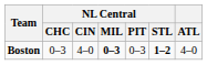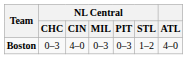 <table class="wikitable" style="text-align:center; font-size: 95%;">
 <tr>
 <th rowspan=2>Team</th>
 <th colspan=5>NL Central</th>
 <th> </th>
 </tr>
 <tr>
 <th><strong>CHC</strong></th>
 <th><strong>CIN</strong></th>
 <th><strong>MIL</strong></th>
 <th><strong>PIT</strong></th>
 <th><strong>STL</strong></th>
 <th><strong>ATL</strong></th>
 </tr>
 <tr>
 <td><strong>Boston</strong></td>
 <td>0–3</td>
 <td>4–0</td>
-<td><strong>0–3</strong></td>
 <td>0–3</td>
-<td><strong>1–2</strong></td>
+<td>0–3</td>
+<td>1–2</td>
 <td>4–0</td>
 </tr>
 </table>
